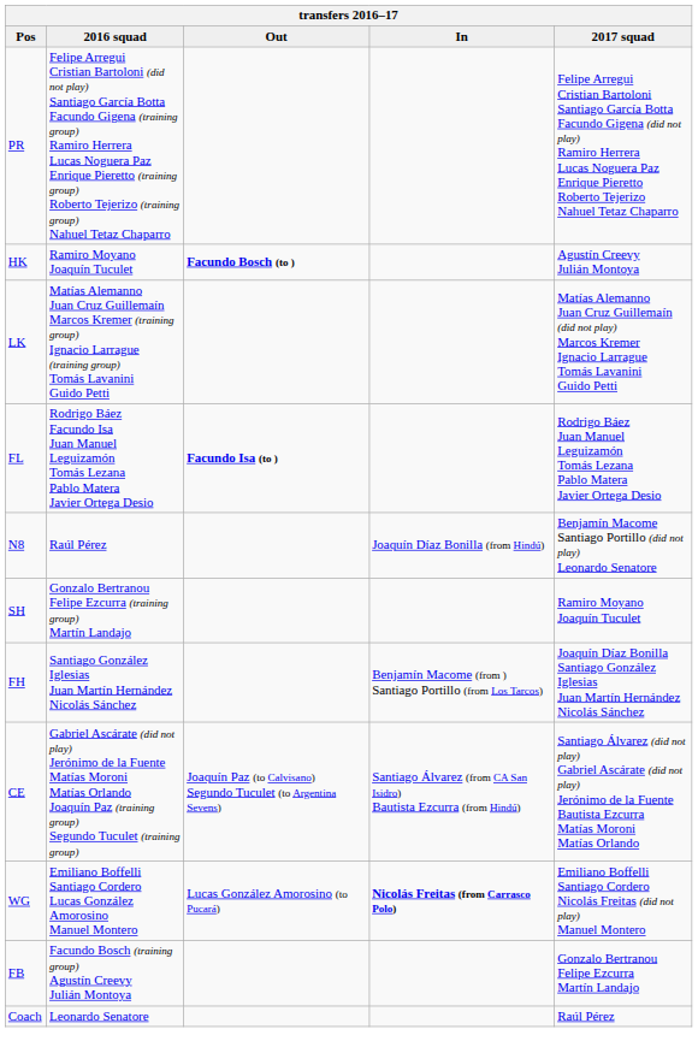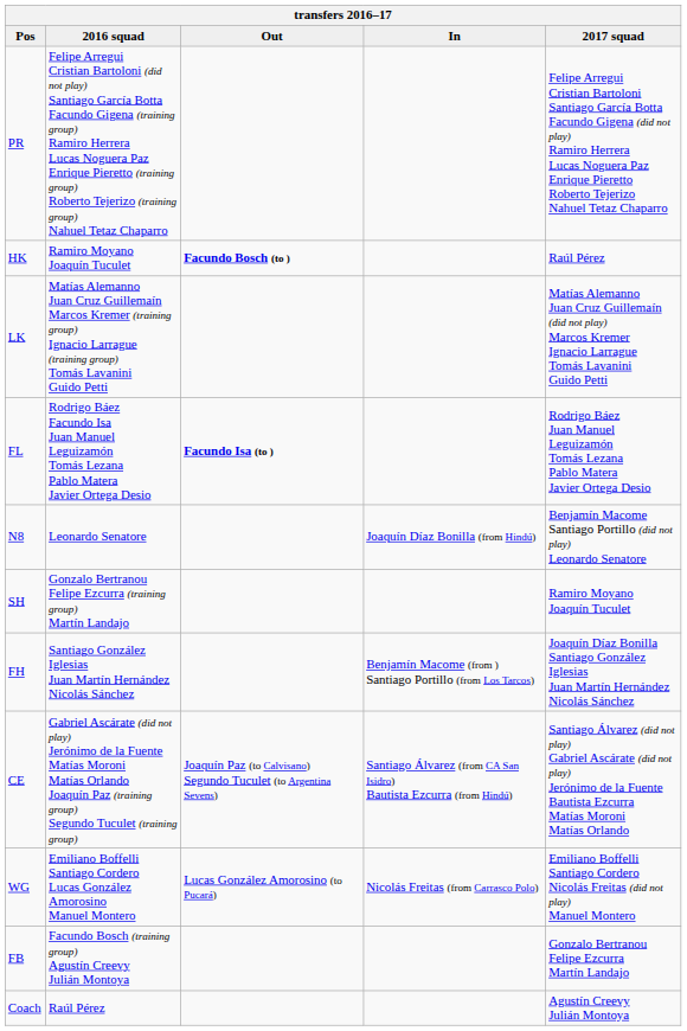 <table class="wikitable" style="text-align: left; width:95%">
 <tr>
 <th colspan="100%"> transfers 2016–17</th>
 </tr>
 <tr>
 <th style="background:#efefef; width:6%;">Pos</th>
 <th style="background:#efefef; width:20%;">2016 squad</th>
 <th style="background:#efefef; width:27%;">Out</th>
 <th style="background:#efefef; width:27%;">In</th>
 <th style="background:#efefef; width:20%;">2017 squad</th>
 </tr>
 <tr>
 <td><a href='#'>PR</a></td>
 <td> <a href='#'>Felipe Arregui</a> <br> <a href='#'>Cristian Bartoloni</a> <small><em>(did not play)</em></small> <br> <a href='#'>Santiago García Botta</a> <br> <a href='#'>Facundo Gigena</a> <small><em>(training group)</em></small> <br> <a href='#'>Ramiro Herrera</a> <br> <a href='#'>Lucas Noguera Paz</a> <br> <a href='#'>Enrique Pieretto</a> <small><em>(training group)</em></small> <br> <a href='#'>Roberto Tejerizo</a> <small><em>(training group)</em></small> <br> <a href='#'>Nahuel Tetaz Chaparro</a></td>
 <td></td>
 <td></td>
 <td> <a href='#'>Felipe Arregui</a> <br> <a href='#'>Cristian Bartoloni</a> <br> <a href='#'>Santiago García Botta</a> <br> <a href='#'>Facundo Gigena</a> <small><em>(did not play)</em></small> <br> <a href='#'>Ramiro Herrera</a> <br> <a href='#'>Lucas Noguera Paz</a> <br> <a href='#'>Enrique Pieretto</a> <br> <a href='#'>Roberto Tejerizo</a> <br> <a href='#'>Nahuel Tetaz Chaparro</a></td>
 </tr>
 <tr>
 <td><a href='#'>HK</a></td>
 <td> <a href='#'>Ramiro Moyano</a> <br> <a href='#'>Joaquín Tuculet</a></td>
 <td><strong>  <a href='#'>Facundo Bosch</a> <small>(to )</small></strong></td>
 <td></td>
-<td> <a href='#'>Agustín Creevy</a> <br> <a href='#'>Julián Montoya</a></td>
+<td> <a href='#'>Raúl Pérez</a></td>
 </tr>
 <tr>
 <td><a href='#'>LK</a></td>
 <td> <a href='#'>Matías Alemanno</a> <br> <a href='#'>Juan Cruz Guillemaín</a> <br> <a href='#'>Marcos Kremer</a> <small><em>(training group)</em></small> <br> <a href='#'>Ignacio Larrague</a> <small><em>(training group)</em></small> <br> <a href='#'>Tomás Lavanini</a> <br> <a href='#'>Guido Petti</a></td>
 <td></td>
 <td></td>
 <td> <a href='#'>Matías Alemanno</a> <br> <a href='#'>Juan Cruz Guillemaín</a> <small><em>(did not play)</em></small> <br> <a href='#'>Marcos Kremer</a> <br> <a href='#'>Ignacio Larrague</a> <br> <a href='#'>Tomás Lavanini</a> <br> <a href='#'>Guido Petti</a></td>
 </tr>
 <tr>
 <td><a href='#'>FL</a></td>
 <td> <a href='#'>Rodrigo Báez</a> <br> <a href='#'>Facundo Isa</a> <br> <a href='#'>Juan Manuel Leguizamón</a> <br> <a href='#'>Tomás Lezana</a> <br> <a href='#'>Pablo Matera</a> <br> <a href='#'>Javier Ortega Desio</a></td>
 <td><strong>  <a href='#'>Facundo Isa</a> <small>(to )</small></strong></td>
 <td></td>
 <td> <a href='#'>Rodrigo Báez</a> <br> <a href='#'>Juan Manuel Leguizamón</a> <br> <a href='#'>Tomás Lezana</a> <br> <a href='#'>Pablo Matera</a> <br> <a href='#'>Javier Ortega Desio</a></td>
 </tr>
 <tr>
 <td><a href='#'>N8</a></td>
-<td> <a href='#'>Raúl Pérez</a></td>
+<td> <a href='#'>Leonardo Senatore</a></td>
 <td></td>
 <td>  <a href='#'>Joaquín Díaz Bonilla</a> <small>(from <a href='#'>Hindú</a>)</small></td>
 <td> <a href='#'>Benjamín Macome</a> <br> Santiago Portillo <small><em>(did not play)</em></small> <br> <a href='#'>Leonardo Senatore</a></td>
 </tr>
 <tr>
 <td><a href='#'>SH</a></td>
 <td> <a href='#'>Gonzalo Bertranou</a> <br> <a href='#'>Felipe Ezcurra</a> <small><em>(training group)</em></small> <br> <a href='#'>Martín Landajo</a></td>
 <td></td>
 <td></td>
 <td> <a href='#'>Ramiro Moyano</a> <br> <a href='#'>Joaquín Tuculet</a></td>
 </tr>
 <tr>
 <td><a href='#'>FH</a></td>
 <td> <a href='#'>Santiago González Iglesias</a> <br> <a href='#'>Juan Martín Hernández</a> <br> <a href='#'>Nicolás Sánchez</a></td>
 <td></td>
 <td>  <a href='#'>Benjamín Macome</a> <small>(from )</small> <br>  Santiago Portillo <small>(from <a href='#'>Los Tarcos</a>)</small></td>
 <td> <a href='#'>Joaquín Díaz Bonilla</a> <br> <a href='#'>Santiago González Iglesias</a> <br> <a href='#'>Juan Martín Hernández</a> <br> <a href='#'>Nicolás Sánchez</a></td>
 </tr>
 <tr>
 <td><a href='#'>CE</a></td>
 <td> <a href='#'>Gabriel Ascárate</a> <small><em>(did not play)</em></small> <br> <a href='#'>Jerónimo de la Fuente</a> <br> <a href='#'>Matías Moroni</a> <br> <a href='#'>Matías Orlando</a> <br> <a href='#'>Joaquín Paz</a> <small><em>(training group)</em></small> <br> <a href='#'>Segundo Tuculet</a> <small><em>(training group)</em></small></td>
 <td>  <a href='#'>Joaquín Paz</a> <small>(to  <a href='#'>Calvisano</a>)</small> <br>  <a href='#'>Segundo Tuculet</a> <small>(to <a href='#'>Argentina Sevens</a>)</small></td>
 <td>  <a href='#'>Santiago Álvarez</a> <small>(from <a href='#'>CA San Isidro</a>)</small> <br>  <a href='#'>Bautista Ezcurra</a> <small>(from <a href='#'>Hindú</a>)</small></td>
 <td> <a href='#'>Santiago Álvarez</a> <small><em>(did not play)</em></small> <br> <a href='#'>Gabriel Ascárate</a> <small><em>(did not play)</em></small> <br> <a href='#'>Jerónimo de la Fuente</a> <br> <a href='#'>Bautista Ezcurra</a> <br> <a href='#'>Matías Moroni</a> <br> <a href='#'>Matías Orlando</a></td>
 </tr>
 <tr>
 <td><a href='#'>WG</a></td>
 <td> <a href='#'>Emiliano Boffelli</a> <br> <a href='#'>Santiago Cordero</a> <br> <a href='#'>Lucas González Amorosino</a> <br> <a href='#'>Manuel Montero</a></td>
 <td>  <a href='#'>Lucas González Amorosino</a> <small>(to <a href='#'>Pucará</a>)</small></td>
-<td><strong>  <a href='#'>Nicolás Freitas</a> <small>(from  <a href='#'>Carrasco Polo</a>)</small></strong></td>
+<td>  <a href='#'>Nicolás Freitas</a> <small>(from  <a href='#'>Carrasco Polo</a>)</small></td>
 <td> <a href='#'>Emiliano Boffelli</a> <br> <a href='#'>Santiago Cordero</a> <br> <a href='#'>Nicolás Freitas</a> <small><em>(did not play)</em></small> <br> <a href='#'>Manuel Montero</a></td>
 </tr>
 <tr>
 <td><a href='#'>FB</a></td>
 <td> <a href='#'>Facundo Bosch</a> <small><em>(training group)</em></small> <br> <a href='#'>Agustín Creevy</a> <br> <a href='#'>Julián Montoya</a></td>
 <td></td>
 <td></td>
 <td> <a href='#'>Gonzalo Bertranou</a> <br> <a href='#'>Felipe Ezcurra</a> <br> <a href='#'>Martín Landajo</a></td>
 </tr>
 <tr>
 <td><a href='#'>Coach</a></td>
-<td> <a href='#'>Leonardo Senatore</a></td>
+<td> <a href='#'>Raúl Pérez</a></td>
 <td></td>
 <td></td>
-<td> <a href='#'>Raúl Pérez</a></td>
+<td> <a href='#'>Agustín Creevy</a> <br> <a href='#'>Julián Montoya</a></td>
 </tr>
 </table>
